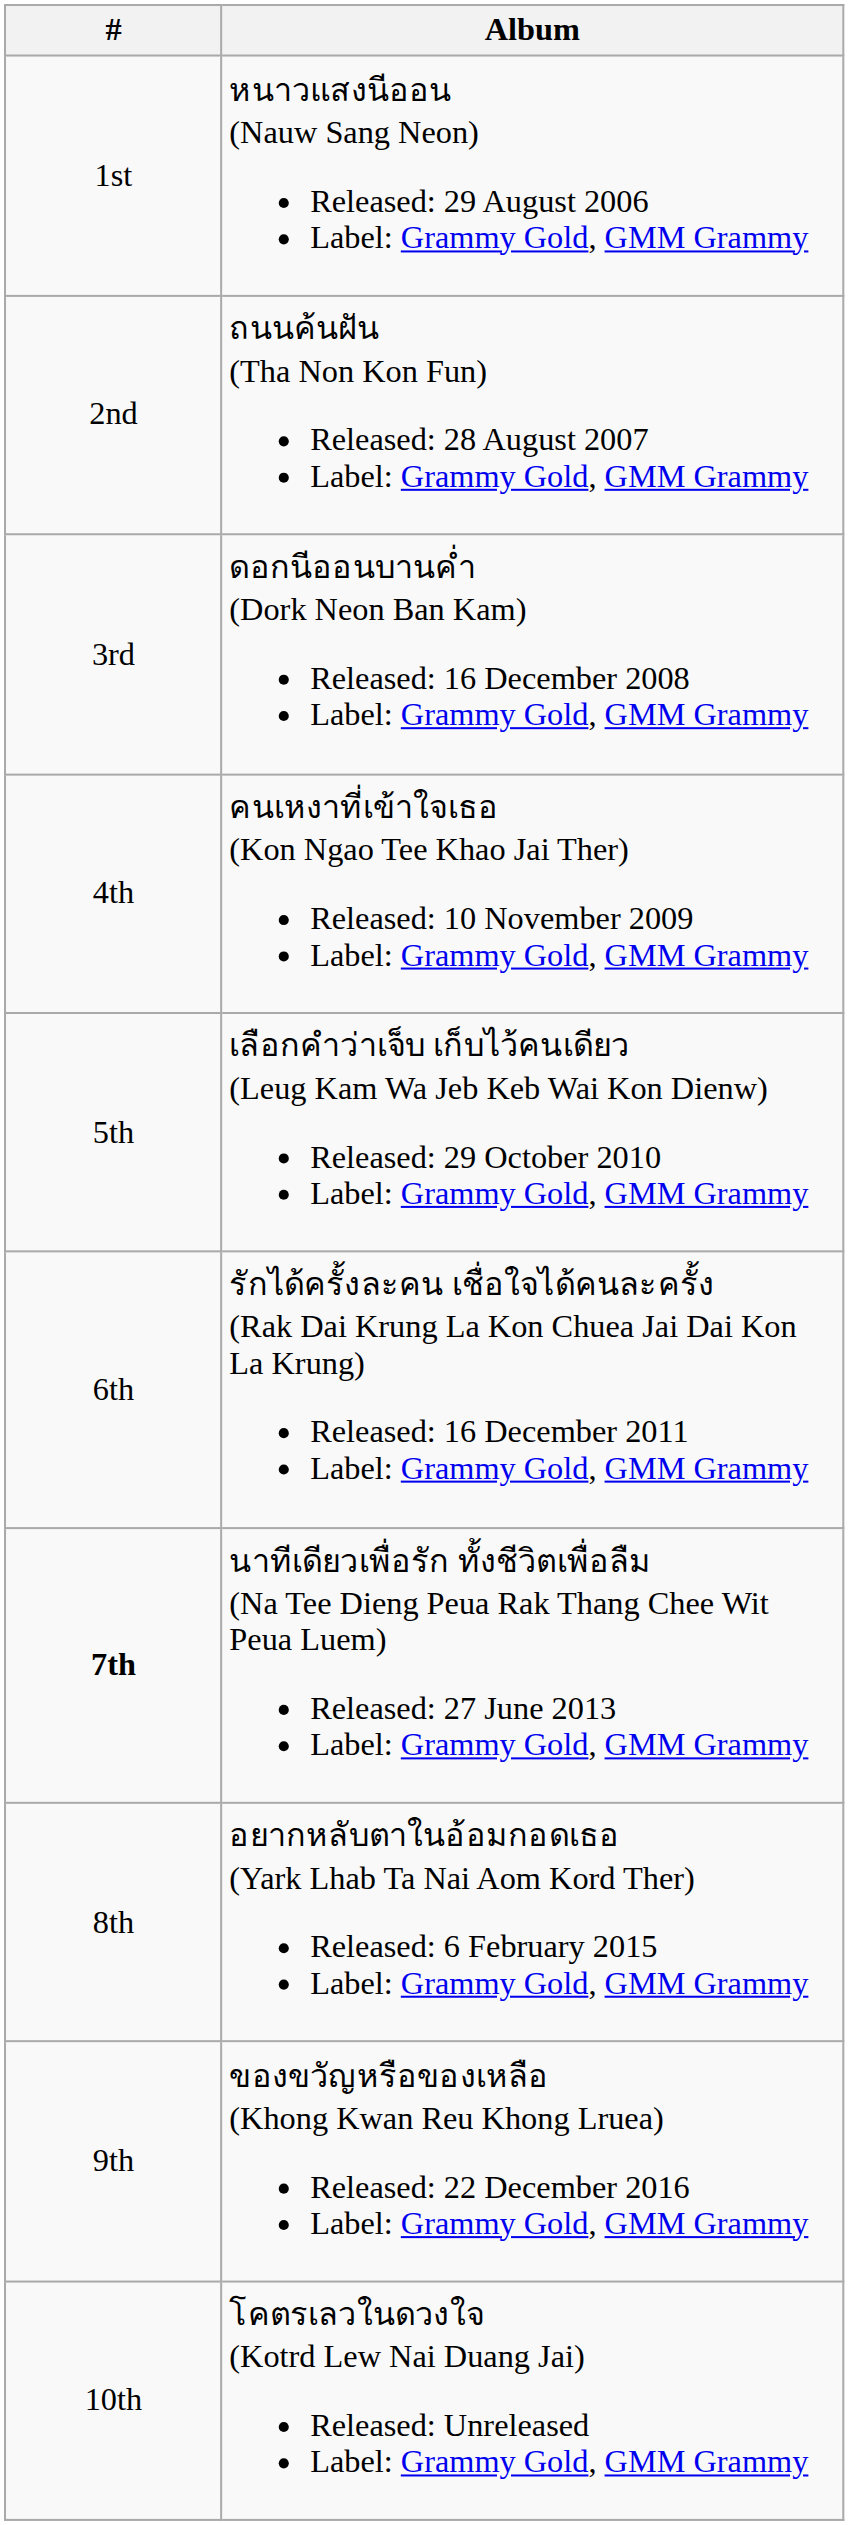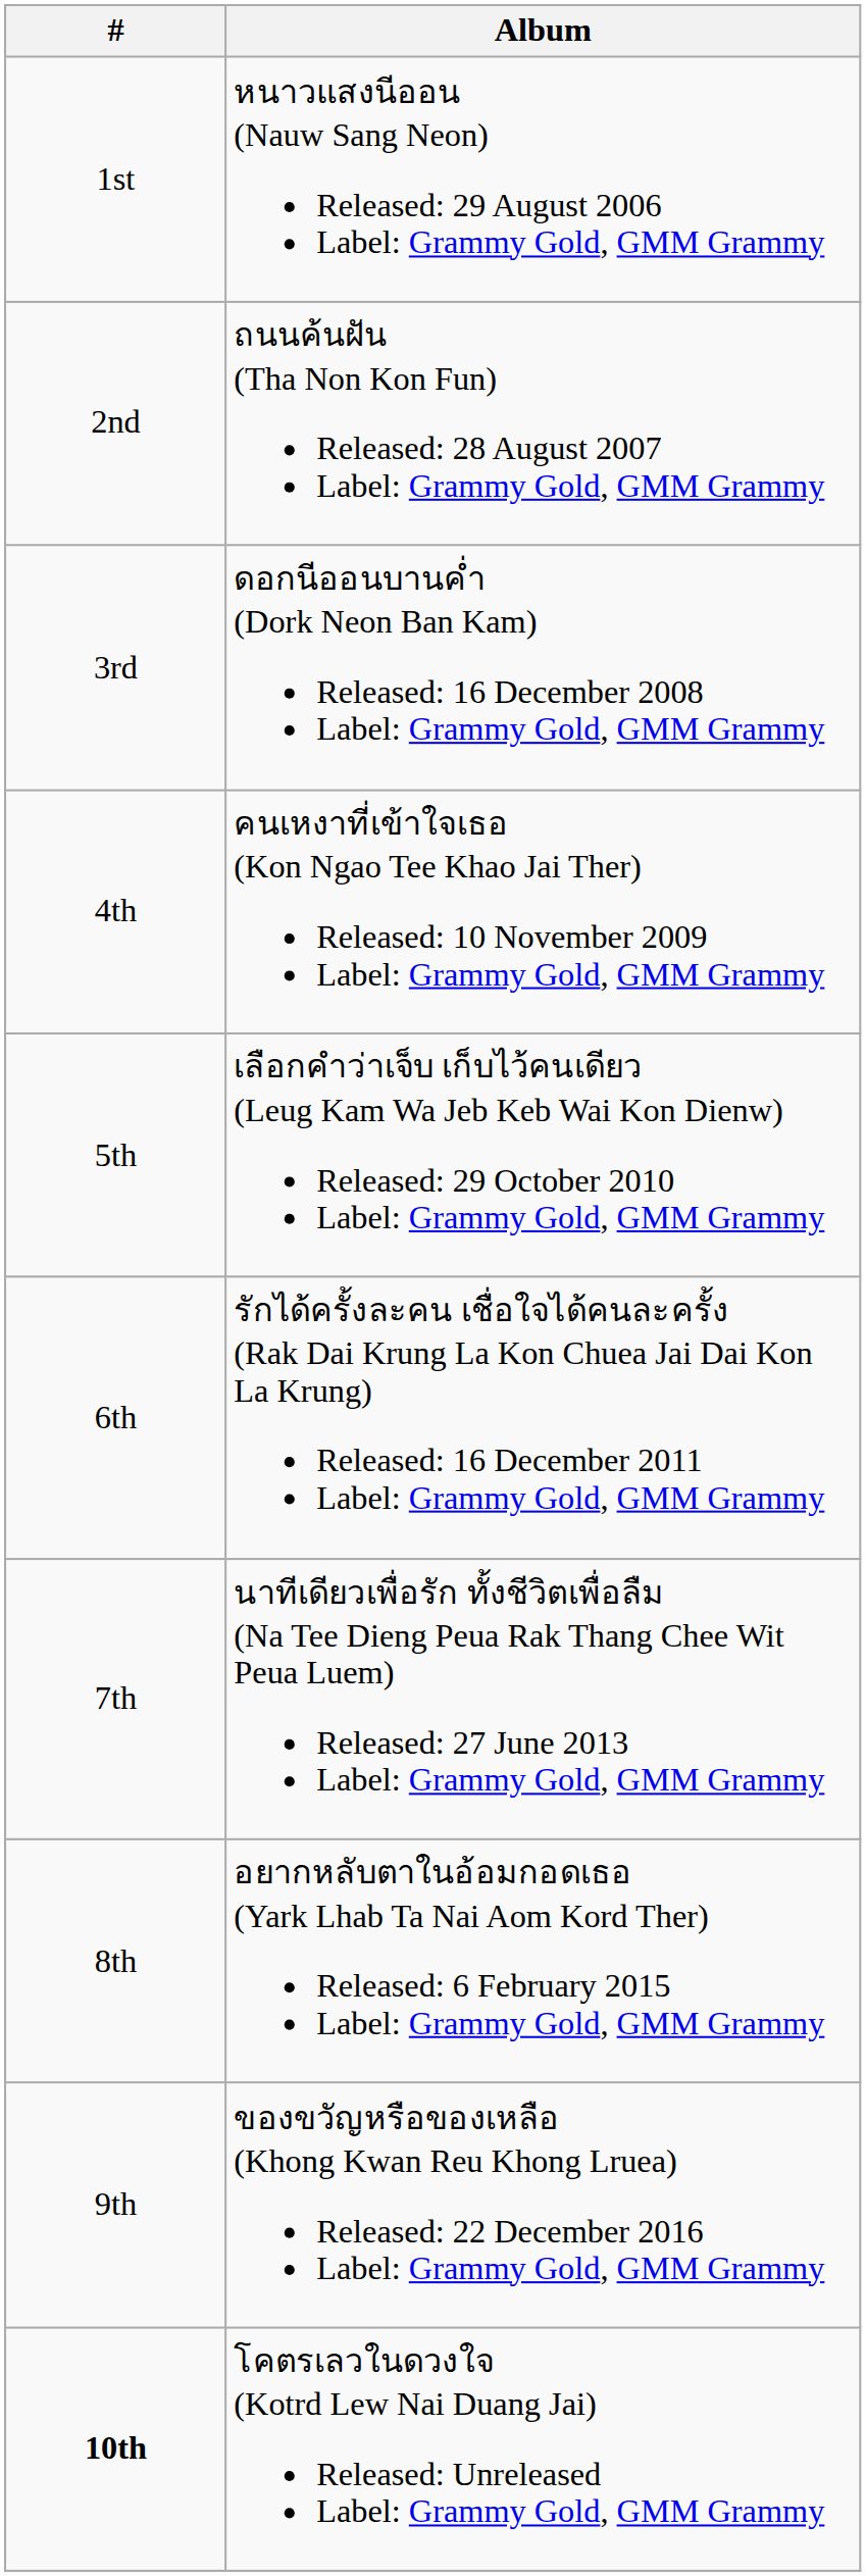 <table class="wikitable">
 <tr>
 <th width="100">#</th>
 <th width="300">Album</th>
 </tr>
 <tr>
 <td style="text-align:center;">1st</td>
 <td>หนาวแสงนีออน<br>(Nauw Sang Neon)<ul><li>Released: 29 August 2006</li><li>Label: <a href='#'>Grammy Gold</a>, <a href='#'>GMM Grammy</a></li></ul></td>
 </tr>
 <tr>
 <td style="text-align:center;">2nd</td>
 <td>ถนนค้นฝัน<br>(Tha Non Kon Fun)<ul><li>Released: 28 August 2007</li><li>Label: <a href='#'>Grammy Gold</a>, <a href='#'>GMM Grammy</a></li></ul></td>
 </tr>
 <tr>
 <td style="text-align:center;">3rd</td>
 <td>ดอกนีออนบานค่ำ<br>(Dork Neon Ban Kam)<ul><li>Released: 16 December 2008</li><li>Label: <a href='#'>Grammy Gold</a>, <a href='#'>GMM Grammy</a></li></ul></td>
 </tr>
 <tr>
 <td style="text-align:center;">4th</td>
 <td>คนเหงาที่เข้าใจเธอ<br>(Kon Ngao Tee Khao Jai Ther)<ul><li>Released: 10 November 2009</li><li>Label: <a href='#'>Grammy Gold</a>, <a href='#'>GMM Grammy</a></li></ul></td>
 </tr>
 <tr>
 <td style="text-align:center;">5th</td>
 <td>เลือกคำว่าเจ็บ เก็บไว้คนเดียว<br>(Leug Kam Wa Jeb Keb Wai Kon Dienw)<ul><li>Released: 29 October 2010</li><li>Label: <a href='#'>Grammy Gold</a>, <a href='#'>GMM Grammy</a></li></ul></td>
 </tr>
 <tr>
 <td style="text-align:center;">6th</td>
 <td>รักได้ครั้งละคน เชื่อใจได้คนละครั้ง<br>(Rak Dai Krung La Kon Chuea Jai Dai Kon La Krung)<ul><li>Released: 16 December 2011</li><li>Label: <a href='#'>Grammy Gold</a>, <a href='#'>GMM Grammy</a></li></ul></td>
 </tr>
 <tr>
-<td style="text-align:center;"><strong>7th</strong></td>
+<td style="text-align:center;">7th</td>
 <td>นาทีเดียวเพื่อรัก ทั้งชีวิตเพื่อลืม<br>(Na Tee Dieng Peua Rak Thang Chee Wit Peua Luem)<ul><li>Released: 27 June 2013</li><li>Label: <a href='#'>Grammy Gold</a>, <a href='#'>GMM Grammy</a></li></ul></td>
 </tr>
 <tr>
 <td style="text-align:center;">8th</td>
 <td>อยากหลับตาในอ้อมกอดเธอ<br>(Yark Lhab Ta Nai Aom Kord Ther)<ul><li>Released: 6 February 2015</li><li>Label: <a href='#'>Grammy Gold</a>, <a href='#'>GMM Grammy</a></li></ul></td>
 </tr>
 <tr>
 <td style="text-align:center;">9th</td>
 <td>ของขวัญหรือของเหลือ<br>(Khong Kwan Reu Khong Lruea)<ul><li>Released: 22 December 2016</li><li>Label: <a href='#'>Grammy Gold</a>, <a href='#'>GMM Grammy</a></li></ul></td>
 </tr>
 <tr>
-<td style="text-align:center;">10th</td>
+<td style="text-align:center;"><strong>10th</strong></td>
 <td>โคตรเลวในดวงใจ<br>(Kotrd Lew Nai Duang Jai)<ul><li>Released: Unreleased</li><li>Label: <a href='#'>Grammy Gold</a>, <a href='#'>GMM Grammy</a></li></ul></td>
 </tr>
 </table>
